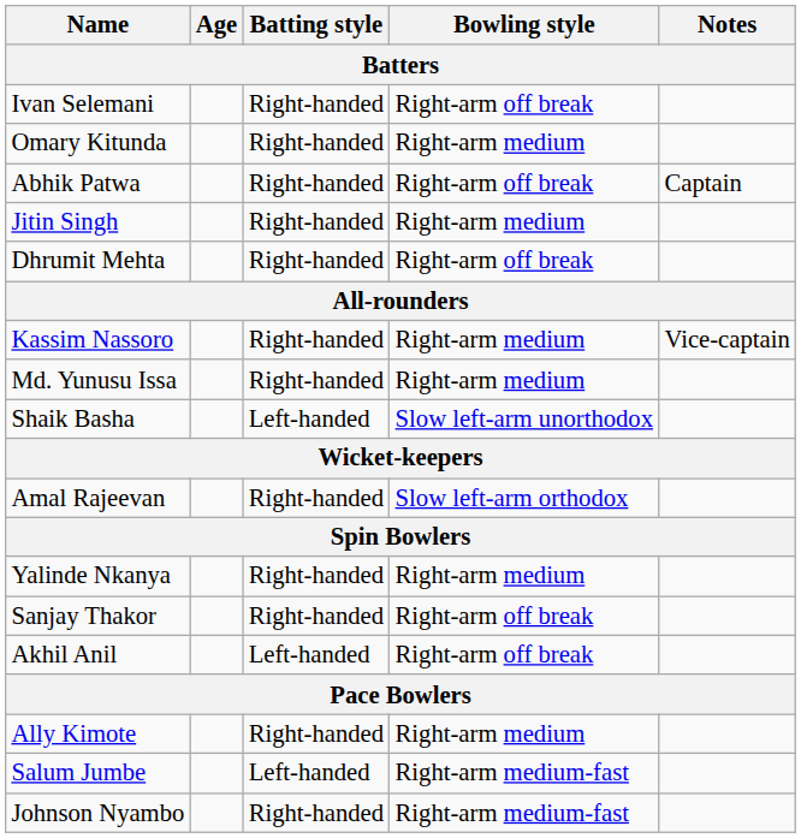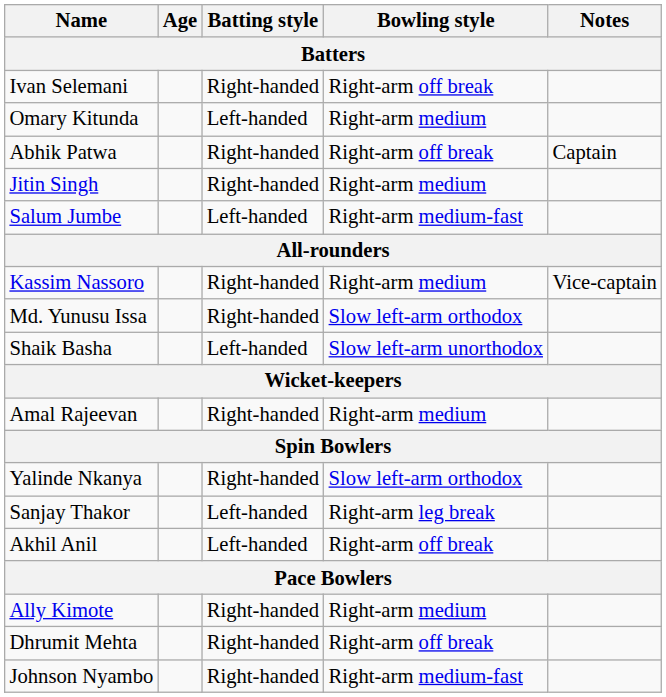 <table class="wikitable">
 <tr>
 <th style="text-align:center;">Name</th>
 <th style="text-align:center;">Age</th>
 <th style="text-align:center;">Batting style</th>
 <th style="text-align:center;">Bowling style</th>
 <th style="text-align:center;">Notes</th>
 </tr>
 <tr>
 <th colspan="5">Batters</th>
 </tr>
 <tr>
 <td>Ivan Selemani</td>
 <td></td>
 <td>Right-handed</td>
 <td>Right-arm <a href='#'>off break</a></td>
 <td></td>
 </tr>
 <tr>
 <td>Omary Kitunda</td>
 <td></td>
-<td>Right-handed</td>
+<td>Left-handed</td>
 <td>Right-arm <a href='#'>medium</a></td>
 <td></td>
 </tr>
 <tr>
 <td>Abhik Patwa</td>
 <td></td>
 <td>Right-handed</td>
 <td>Right-arm <a href='#'>off break</a></td>
 <td>Captain</td>
 </tr>
 <tr>
 <td><a href='#'>Jitin Singh</a></td>
 <td></td>
 <td>Right-handed</td>
 <td>Right-arm <a href='#'>medium</a></td>
 <td></td>
 </tr>
 <tr>
-<td>Dhrumit Mehta</td>
+<td><a href='#'>Salum Jumbe</a></td>
 <td></td>
-<td>Right-handed</td>
-<td>Right-arm <a href='#'>off break</a></td>
+<td>Left-handed</td>
+<td>Right-arm <a href='#'>medium-fast</a></td>
 <td></td>
 </tr>
 <tr>
 <th colspan="5">All-rounders</th>
 </tr>
 <tr>
 <td><a href='#'>Kassim Nassoro</a></td>
 <td></td>
 <td>Right-handed</td>
 <td>Right-arm <a href='#'>medium</a></td>
 <td>Vice-captain</td>
 </tr>
 <tr>
 <td>Md. Yunusu Issa</td>
 <td></td>
 <td>Right-handed</td>
-<td>Right-arm <a href='#'>medium</a></td>
+<td><a href='#'>Slow left-arm orthodox</a></td>
 <td></td>
 </tr>
 <tr>
 <td>Shaik Basha</td>
 <td></td>
 <td>Left-handed</td>
 <td><a href='#'>Slow left-arm unorthodox</a></td>
 </tr>
 <tr>
 <th colspan="5">Wicket-keepers</th>
 </tr>
 <tr>
 <td>Amal Rajeevan</td>
 <td></td>
 <td>Right-handed</td>
-<td><a href='#'>Slow left-arm orthodox</a></td>
+<td>Right-arm <a href='#'>medium</a></td>
 </tr>
 <tr>
 <th colspan="5">Spin Bowlers</th>
 </tr>
 <tr>
 <td>Yalinde Nkanya</td>
 <td></td>
 <td>Right-handed</td>
-<td>Right-arm <a href='#'>medium</a></td>
+<td><a href='#'>Slow left-arm orthodox</a></td>
 </tr>
 <tr>
 <td>Sanjay Thakor</td>
 <td></td>
-<td>Right-handed</td>
-<td>Right-arm <a href='#'>off break</a></td>
+<td>Left-handed</td>
+<td>Right-arm <a href='#'>leg break</a></td>
 <td></td>
 </tr>
 <tr>
 <td>Akhil Anil</td>
 <td></td>
 <td>Left-handed</td>
 <td>Right-arm <a href='#'>off break</a></td>
 <td></td>
 </tr>
 <tr>
 <th colspan="5">Pace Bowlers</th>
 </tr>
 <tr>
 <td><a href='#'>Ally Kimote</a></td>
 <td></td>
 <td>Right-handed</td>
 <td>Right-arm <a href='#'>medium</a></td>
 <td></td>
 </tr>
 <tr>
-<td><a href='#'>Salum Jumbe</a></td>
+<td>Dhrumit Mehta</td>
 <td></td>
-<td>Left-handed</td>
-<td>Right-arm <a href='#'>medium-fast</a></td>
+<td>Right-handed</td>
+<td>Right-arm <a href='#'>off break</a></td>
 <td></td>
 </tr>
 <tr>
 <td>Johnson Nyambo</td>
 <td></td>
 <td>Right-handed</td>
 <td>Right-arm <a href='#'>medium-fast</a></td>
 <td></td>
 </tr>
 </table>
